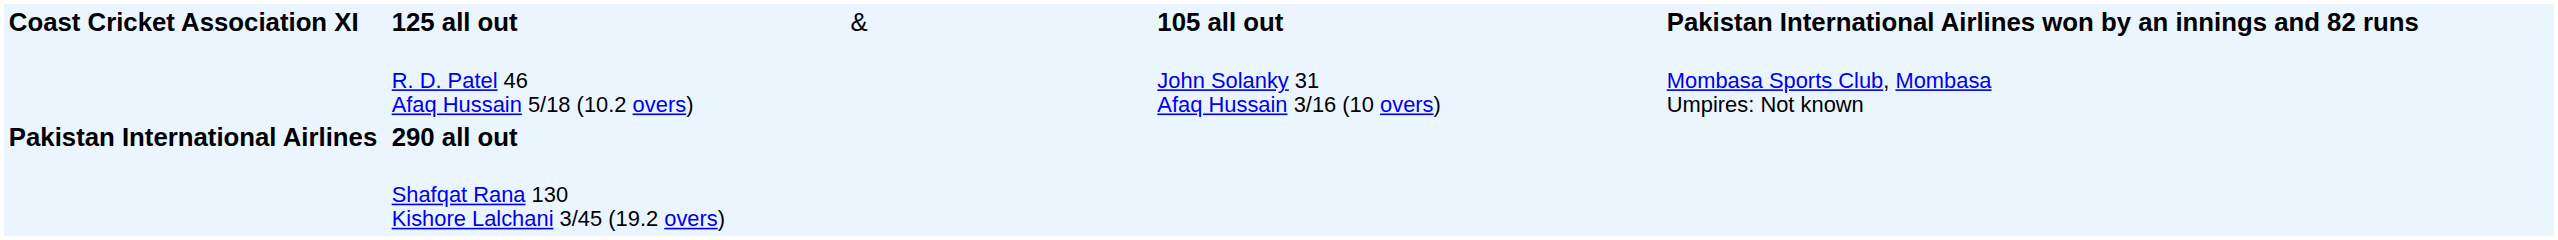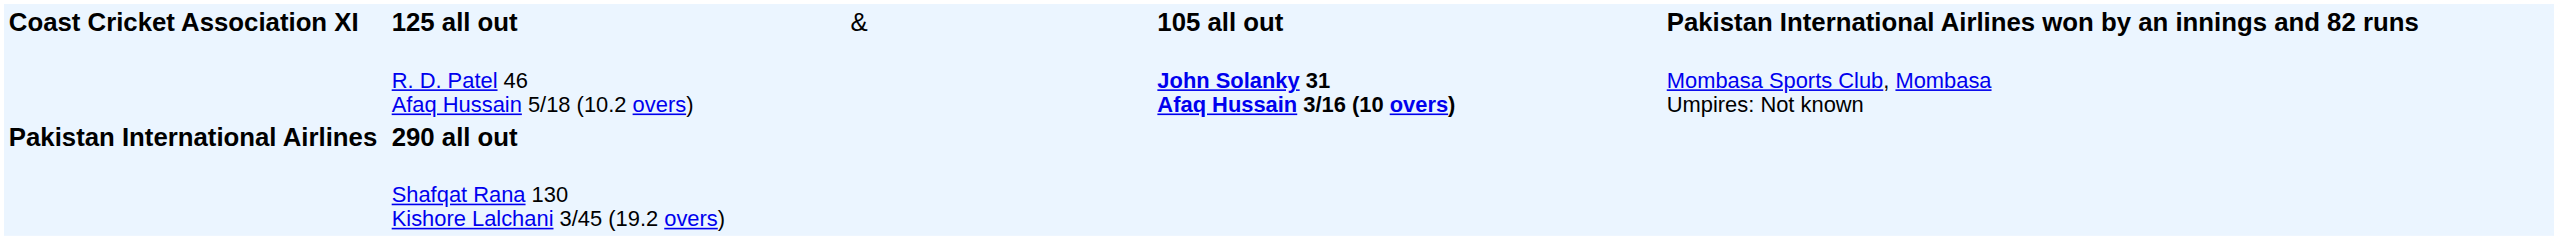 <table width="100%" style="background: #EBF5FF">
 <tr>
 <td width="15%" valign="top" rowspan="2"><strong>Coast Cricket Association XI</strong></td>
 <td width="18%"><strong>125 all out</strong></td>
 <td width="12%">&</td>
 <td width="20%"><strong>105 all out</strong></td>
 <td width="35%"><strong>Pakistan International Airlines won by an innings and 82 runs</strong></td>
 </tr>
 <tr>
 <td style="font-size: 85%;" valign="top"><br><a href='#'>R. D. Patel</a> 46<br> <a href='#'>Afaq Hussain</a> 5/18 (10.2 <a href='#'>overs</a>)</td>
 <td></td>
-<td style="font-size: 85%;"><br><a href='#'>John Solanky</a> 31<br> <a href='#'>Afaq Hussain</a> 3/16 (10 <a href='#'>overs</a>)</td>
+<td style="font-size: 85%;"><strong><br><a href='#'>John Solanky</a> 31<br> <a href='#'>Afaq Hussain</a> 3/16 (10 <a href='#'>overs</a>)</strong></td>
 <td valign="top" style="font-size: 85%;" rowspan="3"><br><a href='#'>Mombasa Sports Club</a>, <a href='#'>Mombasa</a><br> Umpires: Not known</td>
 </tr>
 <tr>
 <td valign="top" rowspan="2"><strong>Pakistan International Airlines</strong></td>
 <td><strong>290 all out</strong></td>
 </tr>
 <tr>
 <td style="font-size: 85%;"><br><a href='#'>Shafqat Rana</a> 130<br> <a href='#'>Kishore Lalchani</a> 3/45 (19.2 <a href='#'>overs</a>)</td>
 </tr>
 </table>
